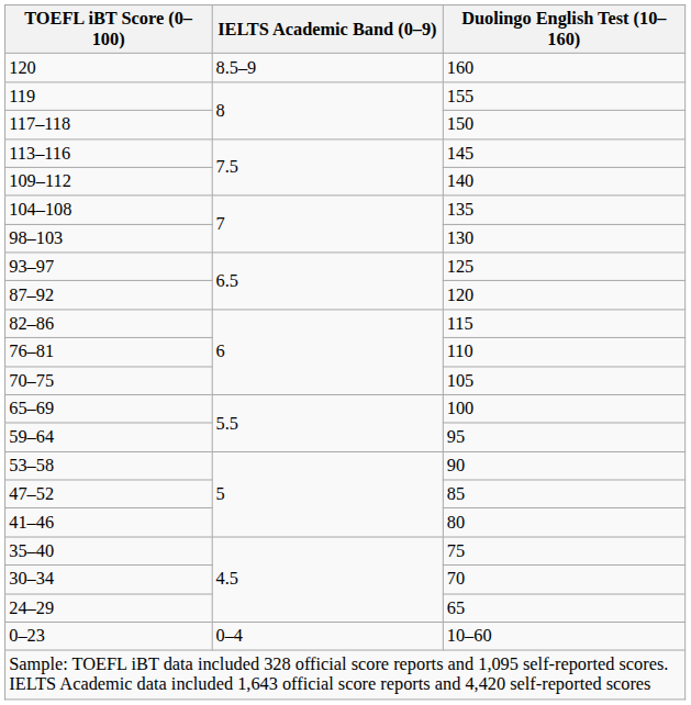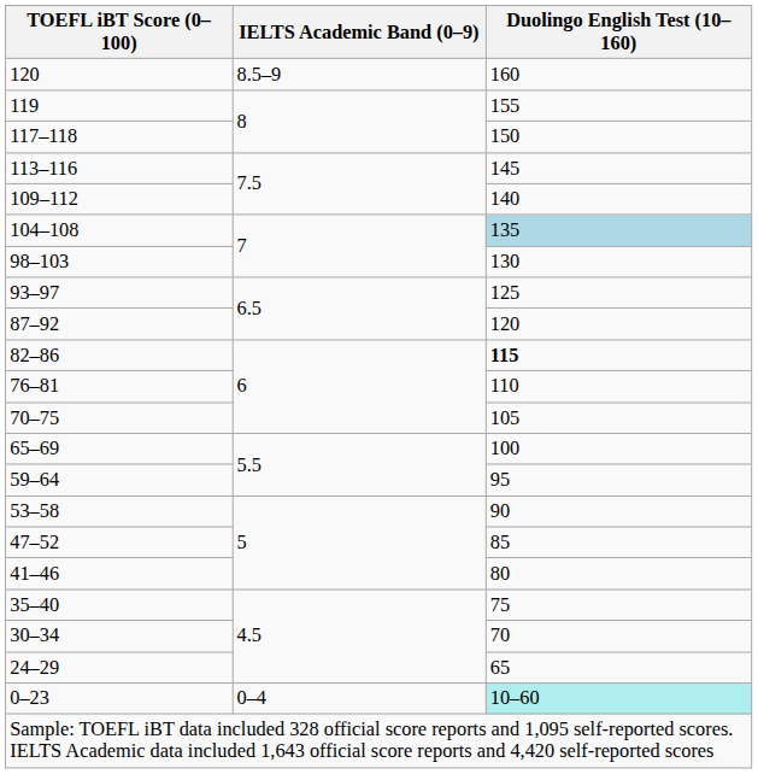 <table class="wikitable">
 <tr>
 <th>TOEFL iBT Score (0–100)</th>
 <th>IELTS Academic Band (0–9)</th>
 <th>Duolingo English Test (10–160)</th>
 </tr>
 <tr>
 <td>120</td>
 <td>8.5–9</td>
 <td>160</td>
 </tr>
 <tr>
 <td>119</td>
 <td rowspan="2">8</td>
 <td>155</td>
 </tr>
 <tr>
 <td>117–118</td>
 <td>150</td>
 </tr>
 <tr>
 <td>113–116</td>
 <td rowspan="2">7.5</td>
 <td>145</td>
 </tr>
 <tr>
 <td>109–112</td>
 <td>140</td>
 </tr>
 <tr>
 <td>104–108</td>
 <td rowspan="2">7</td>
-<td>135</td>
+<td style="background: lightblue;">135</td>
 </tr>
 <tr>
 <td>98–103</td>
 <td>130</td>
 </tr>
 <tr>
 <td>93–97</td>
 <td rowspan="2">6.5</td>
 <td>125</td>
 </tr>
 <tr>
 <td>87–92</td>
 <td>120</td>
 </tr>
 <tr>
 <td>82–86</td>
 <td rowspan="3">6</td>
-<td>115</td>
+<td><strong>115</strong></td>
 </tr>
 <tr>
 <td>76–81</td>
 <td>110</td>
 </tr>
 <tr>
 <td>70–75</td>
 <td>105</td>
 </tr>
 <tr>
 <td>65–69</td>
 <td rowspan="2">5.5</td>
 <td>100</td>
 </tr>
 <tr>
 <td>59–64</td>
 <td>95</td>
 </tr>
 <tr>
 <td>53–58</td>
 <td rowspan="3">5</td>
 <td>90</td>
 </tr>
 <tr>
 <td>47–52</td>
 <td>85</td>
 </tr>
 <tr>
 <td>41–46</td>
 <td>80</td>
 </tr>
 <tr>
 <td>35–40</td>
 <td rowspan="3">4.5</td>
 <td>75</td>
 </tr>
 <tr>
 <td>30–34</td>
 <td>70</td>
 </tr>
 <tr>
 <td>24–29</td>
 <td>65</td>
 </tr>
 <tr>
 <td>0–23</td>
 <td>0–4</td>
-<td>10–60</td>
+<td style="background: paleturquoise;">10–60</td>
 </tr>
 <tr>
 <td colspan="3">Sample: TOEFL iBT data included 328 official score reports and 1,095 self-reported scores. IELTS Academic data included 1,643 official score reports and 4,420 self-reported scores</td>
 </tr>
 </table>
